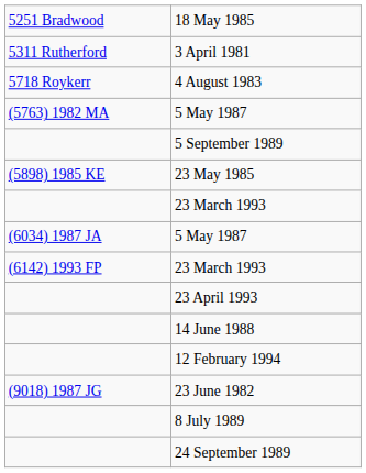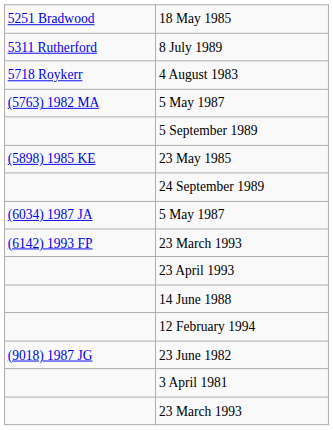 <table class="wikitable" style="font-size: 89%; float: left; width: 24em; margin-right: 1em; line-height: 1.6em !important;">
 <tr>
 <td><a href='#'>5251 Bradwood</a> </td>
 <td>18 May 1985</td>
 </tr>
 <tr>
 <td><a href='#'>5311 Rutherford</a> </td>
-<td>3 April 1981</td>
+<td>8 July 1989</td>
 </tr>
 <tr>
 <td><a href='#'>5718 Roykerr</a> </td>
 <td>4 August 1983</td>
 </tr>
 <tr>
 <td><a href='#'>(5763) 1982 MA</a> </td>
 <td>5 May 1987</td>
 </tr>
 <tr>
 <td> </td>
 <td>5 September 1989</td>
 </tr>
 <tr>
 <td><a href='#'>(5898) 1985 KE</a> </td>
 <td>23 May 1985</td>
 </tr>
 <tr>
 <td> </td>
-<td>23 March 1993</td>
+<td>24 September 1989</td>
 </tr>
 <tr>
 <td><a href='#'>(6034) 1987 JA</a> </td>
 <td>5 May 1987</td>
 </tr>
 <tr>
 <td><a href='#'>(6142) 1993 FP</a> </td>
 <td>23 March 1993</td>
 </tr>
 <tr>
 <td> </td>
 <td>23 April 1993</td>
 </tr>
 <tr>
 <td> </td>
 <td>14 June 1988</td>
 </tr>
 <tr>
 <td> </td>
 <td>12 February 1994</td>
 </tr>
 <tr>
 <td><a href='#'>(9018) 1987 JG</a> </td>
 <td>23 June 1982</td>
 </tr>
 <tr>
 <td> </td>
-<td>8 July 1989</td>
+<td>3 April 1981</td>
 </tr>
 <tr>
 <td> </td>
-<td>24 September 1989</td>
+<td>23 March 1993</td>
 </tr>
 </table>
